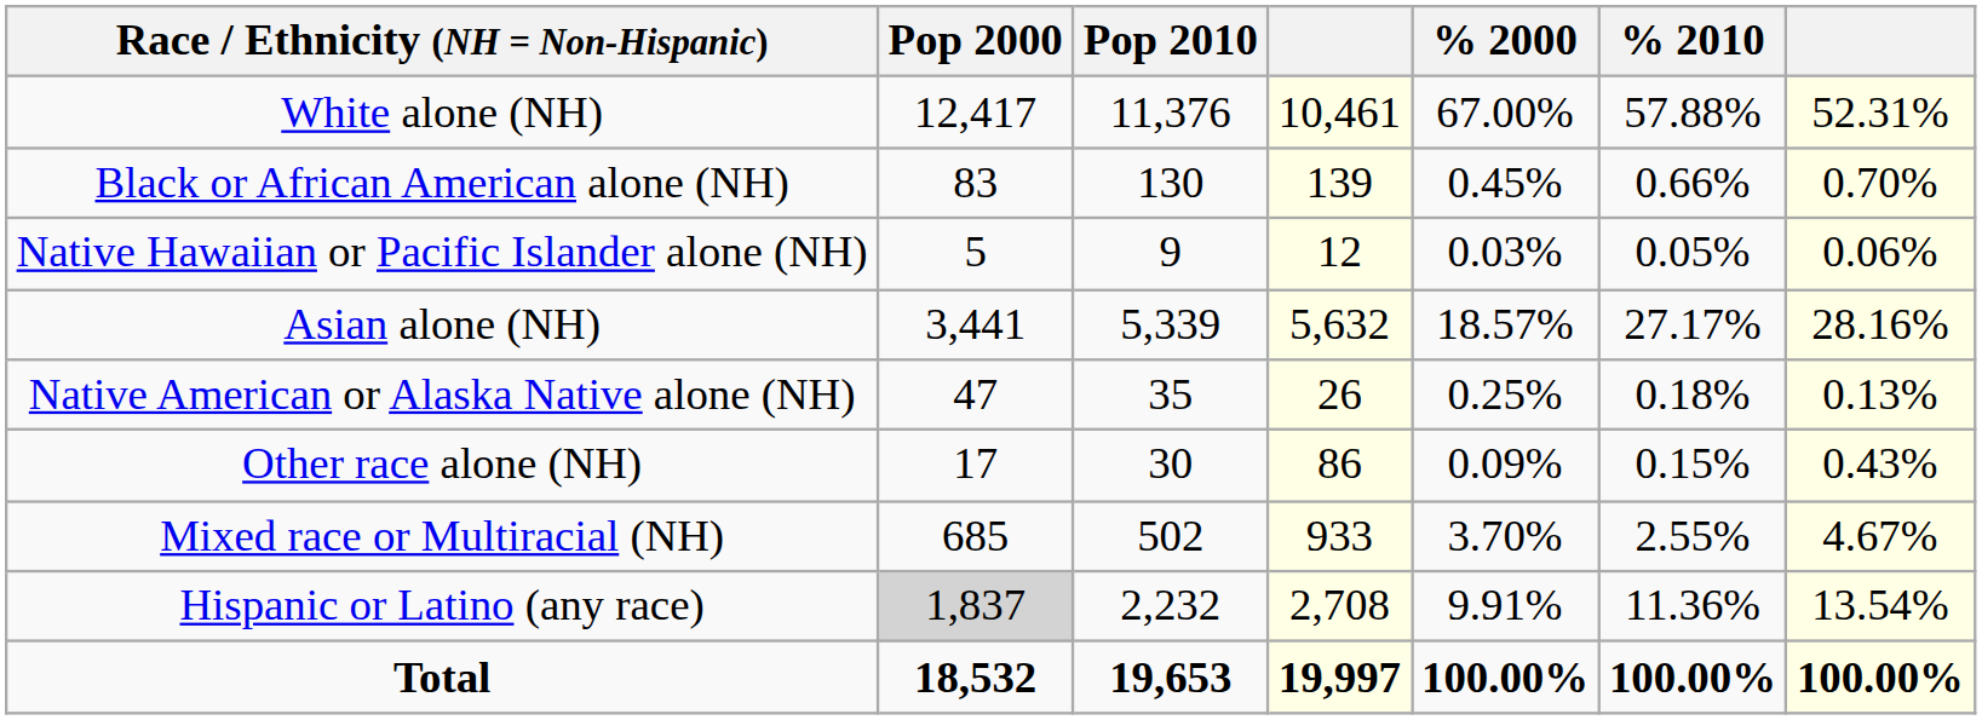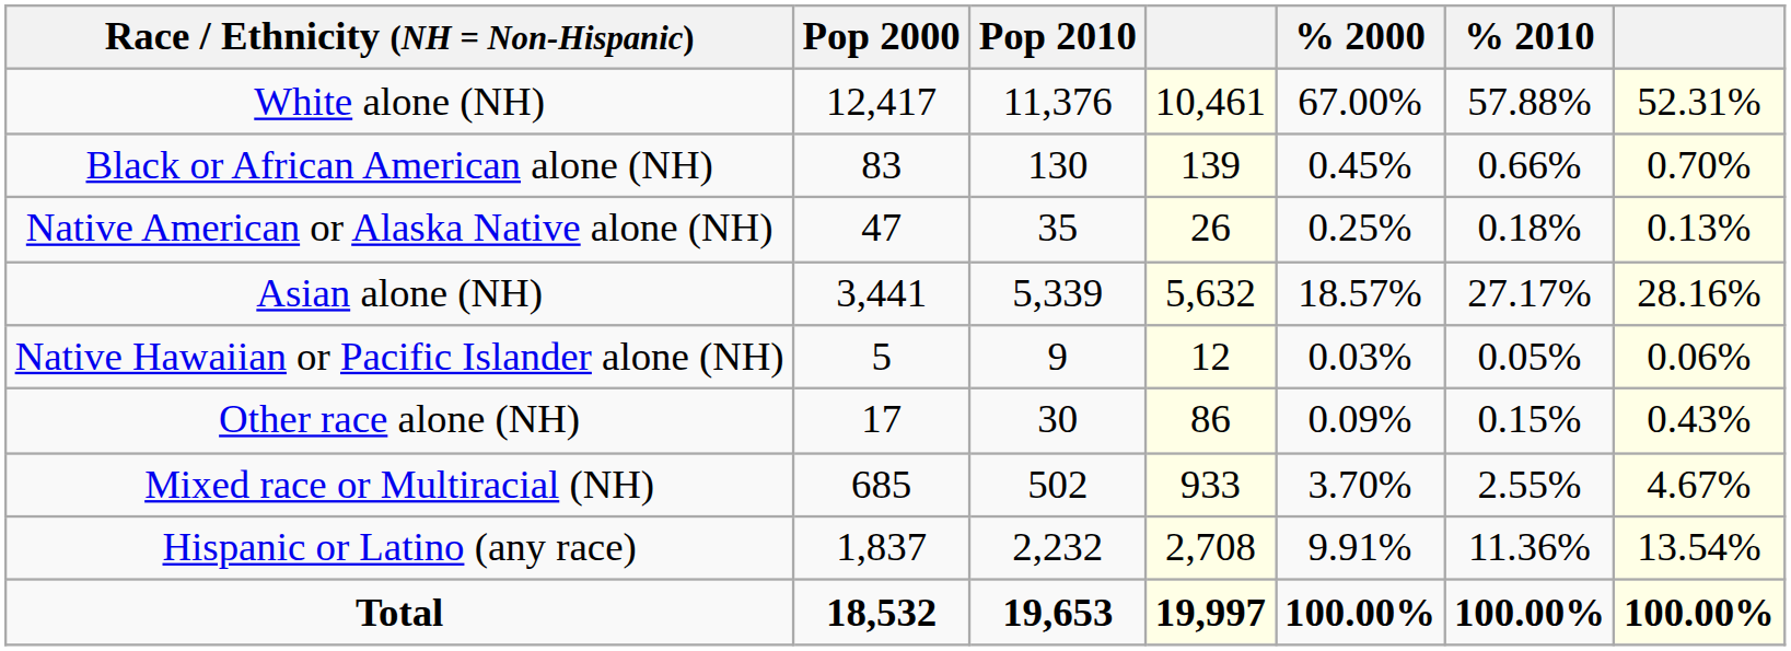 <table class="wikitable" style="text-align:center;">
 <tr>
 <th>Race / Ethnicity <small>(<em>NH = Non-Hispanic</em>)</small></th>
 <th>Pop 2000</th>
 <th>Pop 2010</th>
 <th></th>
 <th>% 2000</th>
 <th>% 2010</th>
 <th></th>
 </tr>
 <tr>
 <td><a href='#'>White</a> alone (NH)</td>
 <td>12,417</td>
 <td>11,376</td>
 <td style='background: #ffffe6;'>10,461</td>
 <td>67.00%</td>
 <td>57.88%</td>
 <td style='background: #ffffe6;'>52.31%</td>
 </tr>
 <tr>
 <td><a href='#'>Black or African American</a> alone (NH)</td>
 <td>83</td>
 <td>130</td>
 <td style='background: #ffffe6;'>139</td>
 <td>0.45%</td>
 <td>0.66%</td>
 <td style='background: #ffffe6;'>0.70%</td>
 </tr>
 <tr>
-<td><a href='#'>Native Hawaiian</a> or <a href='#'>Pacific Islander</a> alone (NH)</td>
-<td>5</td>
-<td>9</td>
-<td style='background: #ffffe6;'>12</td>
-<td>0.03%</td>
-<td>0.05%</td>
-<td style='background: #ffffe6;'>0.06%</td>
+<td><a href='#'>Native American</a> or <a href='#'>Alaska Native</a> alone (NH)</td>
+<td>47</td>
+<td>35</td>
+<td style='background: #ffffe6;'>26</td>
+<td>0.25%</td>
+<td>0.18%</td>
+<td style='background: #ffffe6;'>0.13%</td>
 </tr>
 <tr>
 <td><a href='#'>Asian</a> alone (NH)</td>
 <td>3,441</td>
 <td>5,339</td>
 <td style='background: #ffffe6;'>5,632</td>
 <td>18.57%</td>
 <td>27.17%</td>
 <td style='background: #ffffe6;'>28.16%</td>
 </tr>
 <tr>
-<td><a href='#'>Native American</a> or <a href='#'>Alaska Native</a> alone (NH)</td>
-<td>47</td>
-<td>35</td>
-<td style='background: #ffffe6;'>26</td>
-<td>0.25%</td>
-<td>0.18%</td>
-<td style='background: #ffffe6;'>0.13%</td>
+<td><a href='#'>Native Hawaiian</a> or <a href='#'>Pacific Islander</a> alone (NH)</td>
+<td>5</td>
+<td>9</td>
+<td style='background: #ffffe6;'>12</td>
+<td>0.03%</td>
+<td>0.05%</td>
+<td style='background: #ffffe6;'>0.06%</td>
 </tr>
 <tr>
 <td><a href='#'>Other race</a> alone (NH)</td>
 <td>17</td>
 <td>30</td>
 <td style='background: #ffffe6;'>86</td>
 <td>0.09%</td>
 <td>0.15%</td>
 <td style='background: #ffffe6;'>0.43%</td>
 </tr>
 <tr>
 <td><a href='#'>Mixed race or Multiracial</a> (NH)</td>
 <td>685</td>
 <td>502</td>
 <td style='background: #ffffe6;'>933</td>
 <td>3.70%</td>
 <td>2.55%</td>
 <td style='background: #ffffe6;'>4.67%</td>
 </tr>
 <tr>
 <td><a href='#'>Hispanic or Latino</a> (any race)</td>
-<td style="background: lightgrey;">1,837</td>
+<td>1,837</td>
 <td>2,232</td>
 <td style='background: #ffffe6;'>2,708</td>
 <td>9.91%</td>
 <td>11.36%</td>
 <td style='background: #ffffe6;'>13.54%</td>
 </tr>
 <tr>
 <td><strong>Total</strong></td>
 <td><strong>18,532</strong></td>
 <td><strong>19,653</strong></td>
 <td style='background: #ffffe6;'><strong>19,997</strong></td>
 <td><strong>100.00%</strong></td>
 <td><strong>100.00%</strong></td>
 <td style='background: #ffffe6;'><strong>100.00%</strong></td>
 </tr>
 </table>
